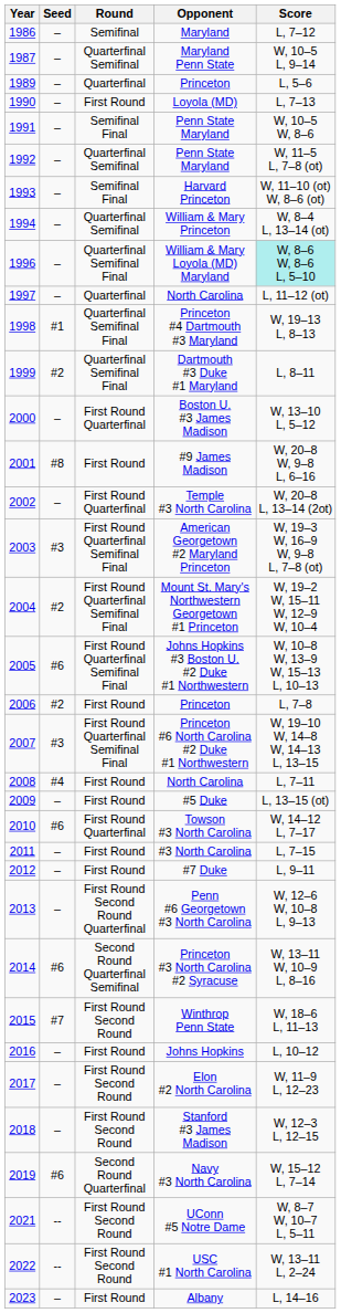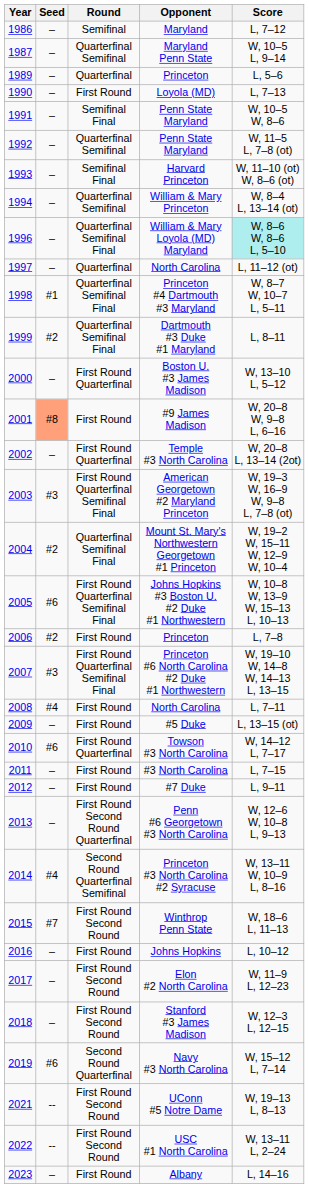 <table class="wikitable">
 <tr>
 <th style="width:40px; ">Year</th>
 <th style="width:40px; ">Seed</th>
 <th style="width:100px; ">Round</th>
 <th style="width:130px; ">Opponent</th>
 <th style="width:100px; ">Score</th>
 </tr>
 <tr align="center">
 <td><a href='#'>1986</a></td>
 <td>–</td>
 <td>Semifinal</td>
 <td><a href='#'>Maryland</a></td>
 <td>L, 7–12</td>
 </tr>
 <tr align="center">
 <td><a href='#'>1987</a></td>
 <td>–</td>
 <td>Quarterfinal<br>Semifinal</td>
 <td><a href='#'>Maryland</a><br><a href='#'>Penn State</a></td>
 <td>W, 10–5<br>L, 9–14</td>
 </tr>
 <tr align="center">
 <td><a href='#'>1989</a></td>
 <td>–</td>
 <td>Quarterfinal</td>
 <td><a href='#'>Princeton</a></td>
 <td>L, 5–6</td>
 </tr>
 <tr align="center">
 <td><a href='#'>1990</a></td>
 <td>–</td>
 <td>First Round</td>
 <td><a href='#'>Loyola (MD)</a></td>
 <td>L, 7–13</td>
 </tr>
 <tr align="center">
 <td><a href='#'>1991</a></td>
 <td>–</td>
 <td>Semifinal<br>Final</td>
 <td><a href='#'>Penn State</a><br><a href='#'>Maryland</a></td>
 <td>W, 10–5<br>W, 8–6</td>
 </tr>
 <tr align="center">
 <td><a href='#'>1992</a></td>
 <td>–</td>
 <td>Quarterfinal<br>Semifinal</td>
 <td><a href='#'>Penn State</a><br><a href='#'>Maryland</a></td>
 <td>W, 11–5<br>L, 7–8 (ot)</td>
 </tr>
 <tr align="center">
 <td><a href='#'>1993</a></td>
 <td>–</td>
 <td>Semifinal<br>Final</td>
 <td><a href='#'>Harvard</a><br><a href='#'>Princeton</a></td>
 <td>W, 11–10 (ot)<br>W, 8–6 (ot)</td>
 </tr>
 <tr align="center">
 <td><a href='#'>1994</a></td>
 <td>–</td>
 <td>Quarterfinal<br>Semifinal</td>
 <td><a href='#'>William & Mary</a><br><a href='#'>Princeton</a></td>
 <td>W, 8–4<br>L, 13–14 (ot)</td>
 </tr>
 <tr align="center">
 <td><a href='#'>1996</a></td>
 <td>–</td>
 <td>Quarterfinal<br>Semifinal<br>Final</td>
 <td><a href='#'>William & Mary</a><br><a href='#'>Loyola (MD)</a><br><a href='#'>Maryland</a></td>
 <td style="background: paleturquoise;">W, 8–6<br>W, 8–6<br>L, 5–10</td>
 </tr>
 <tr align="center">
 <td><a href='#'>1997</a></td>
 <td>–</td>
 <td>Quarterfinal</td>
 <td><a href='#'>North Carolina</a></td>
 <td>L, 11–12 (ot)</td>
 </tr>
 <tr align="center">
 <td><a href='#'>1998</a></td>
 <td>#1</td>
 <td>Quarterfinal<br>Semifinal<br>Final</td>
 <td><a href='#'>Princeton</a><br>#4 <a href='#'>Dartmouth</a><br>#3 <a href='#'>Maryland</a></td>
-<td>W, 19–13<br>L, 8–13</td>
+<td>W, 8–7<br>W, 10–7<br>L, 5–11</td>
 </tr>
 <tr align="center">
 <td><a href='#'>1999</a></td>
 <td>#2</td>
 <td>Quarterfinal<br>Semifinal<br>Final</td>
 <td><a href='#'>Dartmouth</a><br>#3 <a href='#'>Duke</a><br>#1 <a href='#'>Maryland</a></td>
 <td>L, 8–11</td>
 </tr>
 <tr align="center">
 <td><a href='#'>2000</a></td>
 <td>–</td>
 <td>First Round<br>Quarterfinal</td>
 <td><a href='#'>Boston U.</a><br>#3 <a href='#'>James Madison</a></td>
 <td>W, 13–10<br>L, 5–12</td>
 </tr>
 <tr align="center">
 <td><a href='#'>2001</a></td>
-<td>#8</td>
+<td style="background: lightsalmon;">#8</td>
 <td>First Round</td>
 <td>#9 <a href='#'>James Madison</a></td>
 <td>W, 20–8<br>W, 9–8<br>L, 6–16</td>
 </tr>
 <tr align="center">
 <td><a href='#'>2002</a></td>
 <td>–</td>
 <td>First Round<br>Quarterfinal</td>
 <td><a href='#'>Temple</a><br>#3 <a href='#'>North Carolina</a></td>
 <td>W, 20–8<br>L, 13–14 (2ot)</td>
 </tr>
 <tr align="center">
 <td><a href='#'>2003</a></td>
 <td>#3</td>
 <td>First Round<br>Quarterfinal<br>Semifinal<br>Final</td>
 <td><a href='#'>American</a><br><a href='#'>Georgetown</a><br>#2 <a href='#'>Maryland</a><br><a href='#'>Princeton</a></td>
 <td>W, 19–3<br>W, 16–9<br>W, 9–8<br>L, 7–8 (ot)</td>
 </tr>
 <tr align="center">
 <td><a href='#'>2004</a></td>
 <td>#2</td>
-<td>First Round<br>Quarterfinal<br>Semifinal<br>Final</td>
+<td>Quarterfinal<br>Semifinal<br>Final</td>
 <td><a href='#'>Mount St. Mary's</a><br><a href='#'>Northwestern</a><br><a href='#'>Georgetown</a><br>#1 <a href='#'>Princeton</a></td>
 <td>W, 19–2<br>W, 15–11<br>W, 12–9<br>W, 10–4</td>
 </tr>
 <tr align="center">
 <td><a href='#'>2005</a></td>
 <td>#6</td>
 <td>First Round<br>Quarterfinal<br>Semifinal<br>Final</td>
 <td><a href='#'>Johns Hopkins</a><br>#3 <a href='#'>Boston U.</a><br>#2 <a href='#'>Duke</a><br>#1 <a href='#'>Northwestern</a></td>
 <td>W, 10–8<br>W, 13–9<br>W, 15–13<br>L, 10–13</td>
 </tr>
 <tr align="center">
 <td><a href='#'>2006</a></td>
 <td>#2</td>
 <td>First Round</td>
 <td><a href='#'>Princeton</a></td>
 <td>L, 7–8</td>
 </tr>
 <tr align="center">
 <td><a href='#'>2007</a></td>
 <td>#3</td>
 <td>First Round<br>Quarterfinal<br>Semifinal<br>Final</td>
 <td><a href='#'>Princeton</a><br>#6 <a href='#'>North Carolina</a><br>#2 <a href='#'>Duke</a><br>#1 <a href='#'>Northwestern</a></td>
 <td>W, 19–10<br>W, 14–8<br>W, 14–13<br>L, 13–15</td>
 </tr>
 <tr align="center">
 <td><a href='#'>2008</a></td>
 <td>#4</td>
 <td>First Round</td>
 <td><a href='#'>North Carolina</a></td>
 <td>L, 7–11</td>
 </tr>
 <tr align="center">
 <td><a href='#'>2009</a></td>
 <td>–</td>
 <td>First Round</td>
 <td>#5 <a href='#'>Duke</a></td>
 <td>L, 13–15 (ot)</td>
 </tr>
 <tr align="center">
 <td><a href='#'>2010</a></td>
 <td>#6</td>
 <td>First Round<br>Quarterfinal</td>
 <td><a href='#'>Towson</a><br>#3 <a href='#'>North Carolina</a></td>
 <td>W, 14–12<br>L, 7–17</td>
 </tr>
 <tr align="center">
 <td><a href='#'>2011</a></td>
 <td>–</td>
 <td>First Round</td>
 <td>#3 <a href='#'>North Carolina</a></td>
 <td>L, 7–15</td>
 </tr>
 <tr align="center">
 <td><a href='#'>2012</a></td>
 <td>–</td>
 <td>First Round</td>
 <td>#7 <a href='#'>Duke</a></td>
 <td>L, 9–11</td>
 </tr>
 <tr align="center">
 <td><a href='#'>2013</a></td>
 <td>–</td>
 <td>First Round<br>Second Round<br>Quarterfinal</td>
 <td><a href='#'>Penn</a><br>#6 <a href='#'>Georgetown</a><br>#3 <a href='#'>North Carolina</a></td>
 <td>W, 12–6<br>W, 10–8<br>L, 9–13</td>
 </tr>
 <tr align="center">
 <td><a href='#'>2014</a></td>
-<td>#6</td>
+<td>#4</td>
 <td>Second Round<br>Quarterfinal<br>Semifinal</td>
 <td><a href='#'>Princeton</a><br>#3 <a href='#'>North Carolina</a><br>#2 <a href='#'>Syracuse</a></td>
 <td>W, 13–11<br>W, 10–9<br>L, 8–16</td>
 </tr>
 <tr align="center">
 <td><a href='#'>2015</a></td>
 <td>#7</td>
 <td>First Round<br>Second Round</td>
 <td><a href='#'>Winthrop</a><br><a href='#'>Penn State</a></td>
 <td>W, 18–6<br>L, 11–13</td>
 </tr>
 <tr align="center">
 <td><a href='#'>2016</a></td>
 <td>–</td>
 <td>First Round</td>
 <td><a href='#'>Johns Hopkins</a></td>
 <td>L, 10–12</td>
 </tr>
 <tr align="center">
 <td><a href='#'>2017</a></td>
 <td>–</td>
 <td>First Round<br>Second Round</td>
 <td><a href='#'>Elon</a><br>#2 <a href='#'>North Carolina</a></td>
 <td>W, 11–9<br>L, 12–23</td>
 </tr>
 <tr align="center">
 <td><a href='#'>2018</a></td>
 <td>–</td>
 <td>First Round<br>Second Round</td>
 <td><a href='#'>Stanford</a><br>#3 <a href='#'>James Madison</a></td>
 <td>W, 12–3<br>L, 12–15</td>
 </tr>
 <tr align="center">
 <td><a href='#'>2019</a></td>
 <td>#6</td>
 <td>Second Round<br>Quarterfinal</td>
 <td><a href='#'>Navy</a><br>#3 <a href='#'>North Carolina</a></td>
 <td>W, 15–12<br>L, 7–14</td>
 </tr>
 <tr align="center">
 <td><a href='#'>2021</a></td>
 <td>--</td>
 <td>First Round<br>Second Round</td>
 <td><a href='#'>UConn</a><br>#5 <a href='#'>Notre Dame</a></td>
-<td>W, 8–7<br>W, 10–7<br>L, 5–11</td>
+<td>W, 19–13<br>L, 8–13</td>
 </tr>
 <tr align="center">
 <td><a href='#'>2022</a></td>
 <td>--</td>
 <td>First Round<br>Second Round</td>
 <td><a href='#'>USC</a><br>#1 <a href='#'>North Carolina</a></td>
 <td>W, 13–11<br>L, 2–24</td>
 </tr>
 <tr align="center">
 <td><a href='#'>2023</a></td>
 <td>–</td>
 <td>First Round</td>
 <td><a href='#'>Albany</a></td>
 <td>L, 14–16</td>
 </tr>
 </table>
